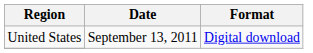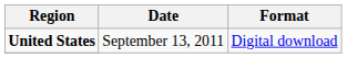 <table class="wikitable" border="1">
 <tr>
 <th scope="col">Region</th>
 <th scope="col">Date</th>
 <th scope="col">Format</th>
 </tr>
 <tr>
-<td>United States</td>
+<td><strong>United States</strong></td>
 <td rowspan="2">September 13, 2011</td>
 <td rowspan="3"><a href='#'>Digital download</a></td>
 </tr>
 <tr>
 </tr>
 </table>
